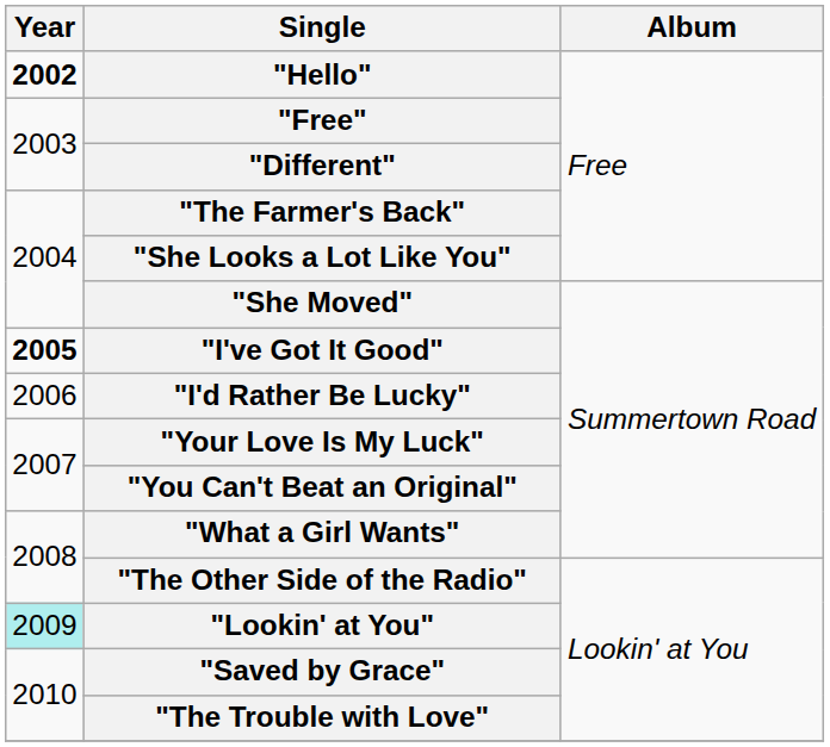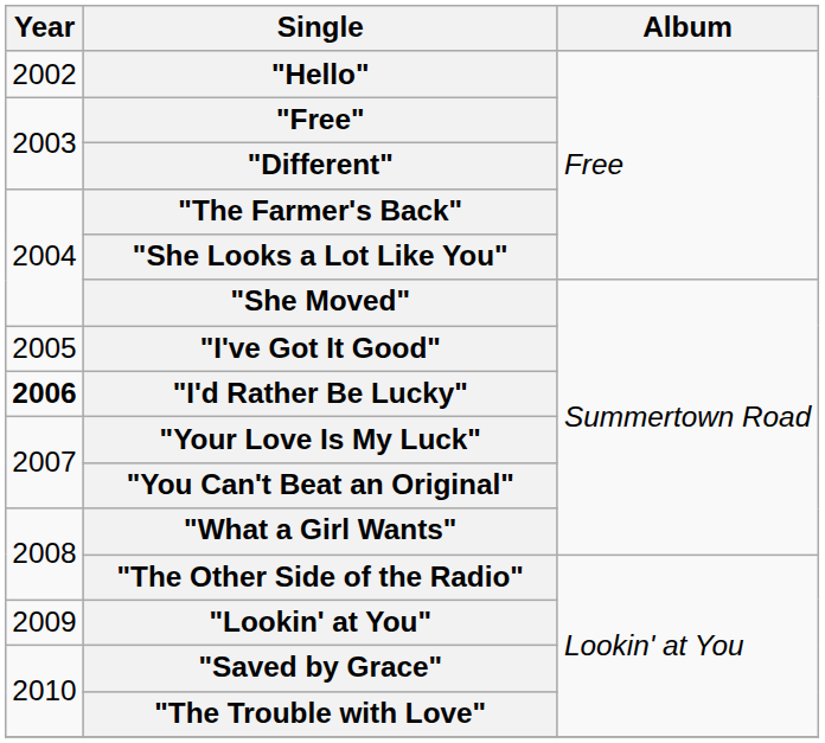 <table class="wikitable plainrowheaders">
 <tr>
 <th>Year</th>
 <th style="width:16em;">Single</th>
 <th>Album</th>
 </tr>
 <tr>
-<td><strong>2002</strong></td>
+<td>2002</td>
 <th scope="row">"Hello"</th>
 <td rowspan="5"><em>Free</em></td>
 </tr>
 <tr>
 <td rowspan="2">2003</td>
 <th scope="row">"Free"</th>
 </tr>
 <tr>
 <th scope="row">"Different"</th>
 </tr>
 <tr>
 <td rowspan="3">2004</td>
 <th scope="row">"The Farmer's Back"</th>
 </tr>
 <tr>
 <th scope="row">"She Looks a Lot Like You"</th>
 </tr>
 <tr>
 <th scope="row">"She Moved"</th>
 <td rowspan="6"><em>Summertown Road</em></td>
 </tr>
 <tr>
-<td><strong>2005</strong></td>
+<td>2005</td>
 <th scope="row">"I've Got It Good"</th>
 </tr>
 <tr>
-<td>2006</td>
+<td><strong>2006</strong></td>
 <th scope="row">"I'd Rather Be Lucky"</th>
 </tr>
 <tr>
 <td rowspan="2">2007</td>
 <th scope="row">"Your Love Is My Luck"</th>
 </tr>
 <tr>
 <th scope="row">"You Can't Beat an Original"</th>
 </tr>
 <tr>
 <td rowspan="2">2008</td>
 <th scope="row">"What a Girl Wants"</th>
 </tr>
 <tr>
 <th scope="row">"The Other Side of the Radio"</th>
 <td rowspan="4"><em>Lookin' at You</em></td>
 </tr>
 <tr>
-<td style="background: paleturquoise;">2009</td>
+<td>2009</td>
 <th scope="row">"Lookin' at You"</th>
 </tr>
 <tr>
 <td rowspan="2">2010</td>
 <th scope="row">"Saved by Grace"</th>
 </tr>
 <tr>
 <th scope="row">"The Trouble with Love"</th>
 </tr>
 <tr>
 </tr>
 </table>
